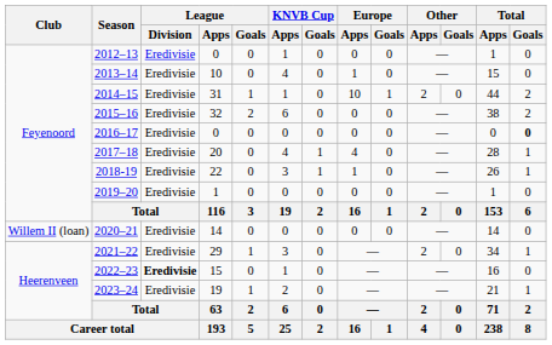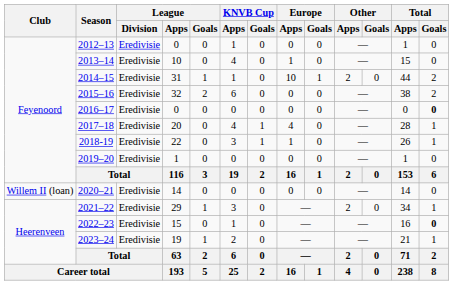 <table class="wikitable" style="text-align:center">
 <tr>
 <th rowspan="2">Club</th>
 <th rowspan="2">Season</th>
 <th colspan="3">League</th>
 <th colspan="2"><a href='#'>KNVB Cup</a></th>
 <th colspan="2">Europe</th>
 <th colspan="2">Other</th>
 <th colspan="2">Total</th>
 </tr>
 <tr>
 <th>Division</th>
 <th>Apps</th>
 <th>Goals</th>
 <th>Apps</th>
 <th>Goals</th>
 <th>Apps</th>
 <th>Goals</th>
 <th>Apps</th>
 <th>Goals</th>
 <th>Apps</th>
 <th>Goals</th>
 </tr>
 <tr>
 <td rowspan="9"><a href='#'>Feyenoord</a></td>
 <td><a href='#'>2012–13</a></td>
 <td><a href='#'>Eredivisie</a></td>
 <td>0</td>
 <td>0</td>
 <td>1</td>
 <td>0</td>
 <td>0</td>
 <td>0</td>
 <td colspan="2">—</td>
 <td>1</td>
 <td>0</td>
 </tr>
 <tr>
 <td><a href='#'>2013–14</a></td>
 <td>Eredivisie</td>
 <td>10</td>
 <td>0</td>
 <td>4</td>
 <td>0</td>
 <td>1</td>
 <td>0</td>
 <td colspan="2">—</td>
 <td>15</td>
 <td>0</td>
 </tr>
 <tr>
 <td><a href='#'>2014–15</a></td>
 <td>Eredivisie</td>
 <td>31</td>
 <td>1</td>
 <td>1</td>
 <td>0</td>
 <td>10</td>
 <td>1</td>
 <td>2</td>
 <td>0</td>
 <td>44</td>
 <td>2</td>
 </tr>
 <tr>
 <td><a href='#'>2015–16</a></td>
 <td>Eredivisie</td>
 <td>32</td>
 <td>2</td>
 <td>6</td>
 <td>0</td>
 <td>0</td>
 <td>0</td>
 <td colspan="2">—</td>
 <td>38</td>
 <td>2</td>
 </tr>
 <tr>
 <td><a href='#'>2016–17</a></td>
 <td>Eredivisie</td>
 <td>0</td>
 <td>0</td>
 <td>0</td>
 <td>0</td>
 <td>0</td>
 <td>0</td>
 <td colspan="2">—</td>
 <td>0</td>
 <td><strong>0</strong></td>
 </tr>
 <tr>
 <td><a href='#'>2017–18</a></td>
 <td>Eredivisie</td>
 <td>20</td>
 <td>0</td>
 <td>4</td>
 <td>1</td>
 <td>4</td>
 <td>0</td>
 <td colspan="2">—</td>
 <td>28</td>
 <td>1</td>
 </tr>
 <tr>
 <td><a href='#'>2018-19</a></td>
 <td>Eredivisie</td>
 <td>22</td>
 <td>0</td>
 <td>3</td>
 <td>1</td>
 <td>1</td>
 <td>0</td>
 <td colspan="2">—</td>
 <td>26</td>
 <td>1</td>
 </tr>
 <tr>
 <td><a href='#'>2019–20</a></td>
 <td>Eredivisie</td>
 <td>1</td>
 <td>0</td>
 <td>0</td>
 <td>0</td>
 <td>0</td>
 <td>0</td>
 <td colspan="2">—</td>
 <td>1</td>
 <td>0</td>
 </tr>
 <tr>
 <th colspan="2">Total</th>
 <th>116</th>
 <th>3</th>
 <th>19</th>
 <th>2</th>
 <th>16</th>
 <th>1</th>
 <th>2</th>
 <th>0</th>
 <th>153</th>
 <th>6</th>
 </tr>
 <tr>
 <td><a href='#'>Willem II</a> (loan)</td>
 <td><a href='#'>2020–21</a></td>
 <td>Eredivisie</td>
 <td>14</td>
 <td>0</td>
 <td>0</td>
 <td>0</td>
 <td>0</td>
 <td>0</td>
 <td colspan="2">—</td>
 <td>14</td>
 <td>0</td>
 </tr>
 <tr>
 <td rowspan="4"><a href='#'>Heerenveen</a></td>
 <td><a href='#'>2021–22</a></td>
 <td>Eredivisie</td>
 <td>29</td>
 <td>1</td>
 <td>3</td>
 <td>0</td>
 <td colspan="2">—</td>
 <td>2</td>
 <td>0</td>
 <td>34</td>
 <td>1</td>
 </tr>
 <tr>
 <td><a href='#'>2022–23</a></td>
-<td><strong>Eredivisie</strong></td>
+<td>Eredivisie</td>
 <td>15</td>
 <td>0</td>
 <td>1</td>
 <td>0</td>
 <td colspan="2">—</td>
 <td colspan="2">—</td>
 <td>16</td>
-<td>0</td>
+<td><strong>0</strong></td>
 </tr>
 <tr>
 <td><a href='#'>2023–24</a></td>
 <td>Eredivisie</td>
 <td>19</td>
 <td>1</td>
 <td>2</td>
 <td>0</td>
 <td colspan="2">—</td>
 <td colspan="2">—</td>
 <td>21</td>
 <td>1</td>
 </tr>
 <tr>
 <th colspan="2">Total</th>
 <th>63</th>
 <th>2</th>
 <th>6</th>
 <th>0</th>
 <th colspan="2">—</th>
 <th>2</th>
 <th>0</th>
 <th>71</th>
 <th>2</th>
 </tr>
 <tr>
 <th colspan="3">Career total</th>
 <th>193</th>
 <th>5</th>
 <th>25</th>
 <th>2</th>
 <th>16</th>
 <th>1</th>
 <th>4</th>
 <th>0</th>
 <th>238</th>
 <th>8</th>
 </tr>
 </table>
